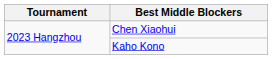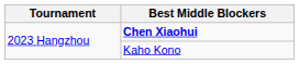 <table class=wikitable style="width: 400px;">
 <tr>
 <th style="width: 40%;">Tournament</th>
 <th style="width: 60%;">Best Middle Blockers</th>
 </tr>
 <tr>
 <td rowspan=2><a href='#'>2023 Hangzhou</a></td>
-<td> <a href='#'>Chen Xiaohui</a></td>
+<td><strong> <a href='#'>Chen Xiaohui</a></strong></td>
 </tr>
 <tr>
 <td> <a href='#'>Kaho Kono</a></td>
 </tr>
 </table>
